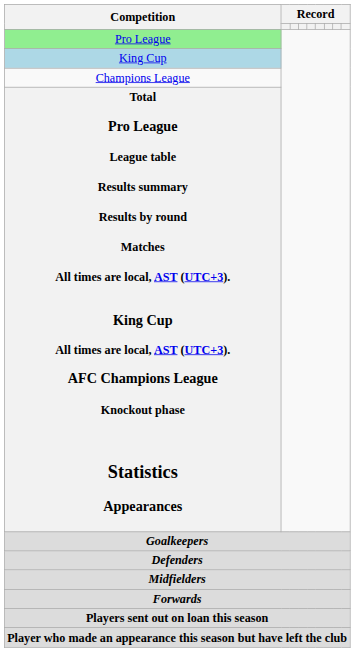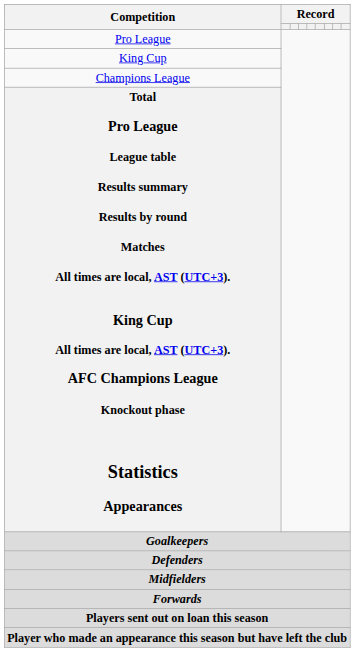 <table class="wikitable" style="text-align: center">
 <tr>
 <th rowspan=2>Competition</th>
 <th colspan=8>Record</th>
 </tr>
 <tr>
 <th></th>
 <th></th>
 <th></th>
 <th></th>
 <th></th>
 <th></th>
 <th></th>
 <th></th>
 </tr>
 <tr>
-<td style="background: lightgreen;"><a href='#'>Pro League</a><br></td>
+<td><a href='#'>Pro League</a><br></td>
 </tr>
 <tr>
-<td style="background: lightblue;"><a href='#'>King Cup</a><br></td>
+<td><a href='#'>King Cup</a><br></td>
 </tr>
 <tr>
 <td><a href='#'>Champions League</a><br></td>
 </tr>
 <tr>
 <th>Total<br> <h3>Pro League</h3><h4>League table</h4><h4>Results summary</h4> <h4>Results by round</h4><h4>Matches</h4>All times are local, <a href='#'>AST</a> (<a href='#'>UTC+3</a>).<br>   <br>                             <h3>King Cup</h3> All times are local, <a href='#'>AST</a> (<a href='#'>UTC+3</a>).<br> <h3>AFC Champions League</h3><h4>Knockout phase</h4><br>  <h2>Statistics</h2><h3>Appearances</h3></th>
 </tr>
 <tr>
 <th colspan=16 style=background:#dcdcdc; text-align:center><em>Goalkeepers</em><br>  </th>
 </tr>
 <tr>
 <th colspan=16 style=background:#dcdcdc; text-align:center><em>Defenders</em><br>            </th>
 </tr>
 <tr>
 <th colspan=16 style=background:#dcdcdc; text-align:center><em>Midfielders</em><br>          </th>
 </tr>
 <tr>
 <th colspan=16 style=background:#dcdcdc; text-align:center><em>Forwards</em><br>   </th>
 </tr>
 <tr>
 <th colspan=14 style=background:#dcdcdc; text-align:center>Players sent out on loan this season<br>   </th>
 </tr>
 <tr>
 <th colspan=18 style=background:#dcdcdc; text-align:center>Player who made an appearance this season but have left the club<br>   </th>
 </tr>
 </table>
